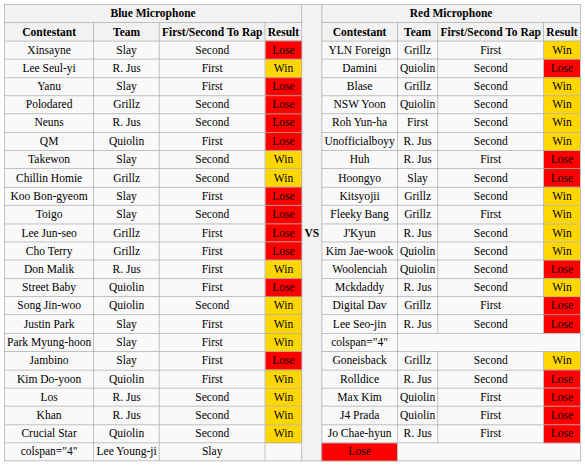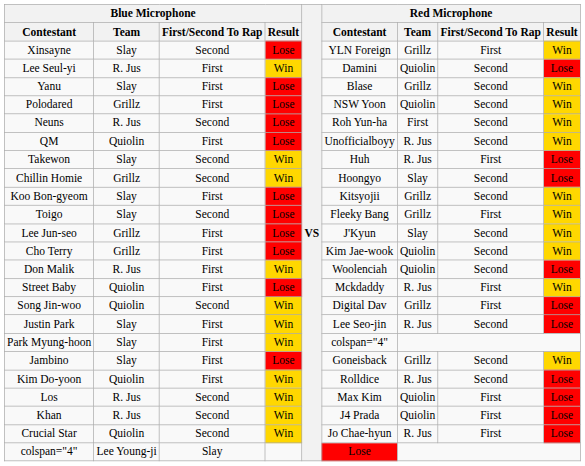 <table class="wikitable" style="text-align:center">
 <tr>
 <th colspan="4">Blue Microphone</th>
 <th rowspan="25">VS</th>
 <th colspan="4">Red Microphone</th>
 </tr>
 <tr>
 <th>Contestant</th>
 <th>Team</th>
 <th>First/Second To Rap</th>
 <th>Result</th>
 <th>Contestant</th>
 <th>Team</th>
 <th>First/Second To Rap</th>
 <th>Result</th>
 </tr>
 <tr>
 <td>Xinsayne</td>
 <td>Slay</td>
 <td>Second</td>
 <td style="background:red">Lose</td>
 <td>YLN Foreign</td>
 <td>Grillz</td>
 <td>First</td>
 <td style="background:gold">Win</td>
 </tr>
 <tr>
 <td>Lee Seul-yi</td>
 <td>R. Jus</td>
 <td>First</td>
 <td style="background:gold">Win</td>
 <td>Damini</td>
 <td>Quiolin</td>
 <td>Second</td>
 <td style="background:red">Lose</td>
 </tr>
 <tr>
 <td>Yanu</td>
 <td>Slay</td>
 <td>First</td>
 <td style="background:red">Lose</td>
 <td>Blase</td>
 <td>Grillz</td>
 <td>Second</td>
 <td style="background:gold">Win</td>
 </tr>
 <tr>
 <td>Polodared</td>
 <td>Grillz</td>
-<td>Second</td>
+<td>First</td>
 <td style="background:red">Lose</td>
 <td>NSW Yoon</td>
 <td>Quiolin</td>
 <td>Second</td>
 <td style="background:gold">Win</td>
 </tr>
 <tr>
 <td>Neuns</td>
 <td>R. Jus</td>
 <td>Second</td>
 <td style="background:red">Lose</td>
 <td>Roh Yun-ha</td>
 <td>First</td>
 <td>Second</td>
 <td style="background:gold">Win</td>
 </tr>
 <tr>
 <td>QM</td>
 <td>Quiolin</td>
 <td>First</td>
 <td style="background:red">Lose</td>
 <td>Unofficialboyy</td>
 <td>R. Jus</td>
 <td>Second</td>
 <td style="background:gold">Win</td>
 </tr>
 <tr>
 <td>Takewon</td>
 <td>Slay</td>
 <td>Second</td>
 <td style="background:gold">Win</td>
 <td>Huh</td>
 <td>R. Jus</td>
 <td>First</td>
 <td style="background:red">Lose</td>
 </tr>
 <tr>
 <td>Chillin Homie</td>
 <td>Grillz</td>
 <td>Second</td>
 <td style="background:gold">Win</td>
 <td>Hoongyo</td>
 <td>Slay</td>
 <td>Second</td>
 <td style="background:red">Lose</td>
 </tr>
 <tr>
 <td>Koo Bon-gyeom</td>
 <td>Slay</td>
 <td>First</td>
 <td style="background:red">Lose</td>
 <td>Kitsyojii</td>
 <td>Grillz</td>
 <td>Second</td>
 <td style="background:gold">Win</td>
 </tr>
 <tr>
 <td>Toigo</td>
 <td>Slay</td>
 <td>Second</td>
 <td style="background:red">Lose</td>
 <td>Fleeky Bang</td>
 <td>Grillz</td>
 <td>First</td>
 <td style="background:gold">Win</td>
 </tr>
 <tr>
 <td>Lee Jun-seo</td>
 <td>Grillz</td>
 <td>First</td>
 <td style="background:red">Lose</td>
 <td>J'Kyun</td>
-<td>R. Jus</td>
+<td>Slay</td>
 <td>Second</td>
 <td style="background:gold">Win</td>
 </tr>
 <tr>
 <td>Cho Terry</td>
 <td>Grillz</td>
 <td>First</td>
 <td style="background:red">Lose</td>
 <td>Kim Jae-wook</td>
 <td>Quiolin</td>
 <td>Second</td>
 <td style="background:gold">Win</td>
 </tr>
 <tr>
 <td>Don Malik</td>
 <td>R. Jus</td>
 <td>First</td>
 <td style="background:gold">Win</td>
 <td>Woolenciah</td>
 <td>Quiolin</td>
 <td>Second</td>
 <td style="background:red">Lose</td>
 </tr>
 <tr>
 <td>Street Baby</td>
 <td>Quiolin</td>
 <td>First</td>
 <td style="background:red">Lose</td>
 <td>Mckdaddy</td>
 <td>R. Jus</td>
-<td>Second</td>
+<td>First</td>
 <td style="background:gold">Win</td>
 </tr>
 <tr>
 <td>Song Jin-woo</td>
 <td>Quiolin</td>
 <td>Second</td>
 <td style="background:gold">Win</td>
 <td>Digital Dav</td>
 <td>Grillz</td>
 <td>First</td>
 <td style="background:red">Lose</td>
 </tr>
 <tr>
 <td>Justin Park</td>
 <td>Slay</td>
 <td>First</td>
 <td style="background:gold">Win</td>
 <td>Lee Seo-jin</td>
 <td>R. Jus</td>
 <td>Second</td>
 <td style="background:red">Lose</td>
 </tr>
 <tr>
 <td>Park Myung-hoon</td>
 <td>Slay</td>
 <td>First</td>
 <td style="background:gold">Win</td>
 <td>colspan="4" </td>
 </tr>
 <tr>
 <td>Jambino</td>
 <td>Slay</td>
 <td>First</td>
 <td style="background:red">Lose</td>
 <td>Goneisback</td>
 <td>Grillz</td>
 <td>Second</td>
 <td style="background:gold">Win</td>
 </tr>
 <tr>
 <td>Kim Do-yoon</td>
 <td>Quiolin</td>
 <td>First</td>
 <td style="background:gold">Win</td>
 <td>Rolldice</td>
 <td>R. Jus</td>
 <td>Second</td>
 <td style="background:red">Lose</td>
 </tr>
 <tr>
 <td>Los</td>
 <td>R. Jus</td>
 <td>Second</td>
 <td style="background:gold">Win</td>
 <td>Max Kim</td>
 <td>Quiolin</td>
 <td>First</td>
 <td style="background:red">Lose</td>
 </tr>
 <tr>
 <td>Khan</td>
 <td>R. Jus</td>
 <td>Second</td>
 <td style="background:gold">Win</td>
 <td>J4 Prada</td>
 <td>Quiolin</td>
 <td>First</td>
 <td style="background:red">Lose</td>
 </tr>
 <tr>
 <td>Crucial Star</td>
 <td>Quiolin</td>
 <td>Second</td>
 <td style="background:gold">Win</td>
 <td>Jo Chae-hyun</td>
 <td>R. Jus</td>
 <td>First</td>
 <td style="background:red">Lose</td>
 </tr>
 <tr>
 <td>colspan="4" </td>
 <td>Lee Young-ji</td>
 <td>Slay</td>
 <td></td>
 <td style="background:red">Lose</td>
 </tr>
 </table>
